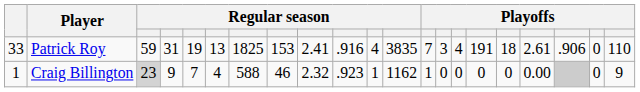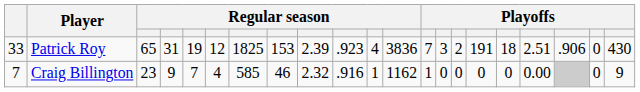 <table class="wikitable plainrowheaders" style="text-align:center;">
 <tr>
 <th scope="col" rowspan="2"></th>
 <th scope="col" rowspan="2">Player</th>
 <th scope=colgroup colspan=10>Regular season</th>
 <th scope=colgroup colspan=9>Playoffs</th>
 </tr>
 <tr>
 <th scope="col"></th>
 <th scope="col"></th>
 <th scope="col"></th>
 <th scope="col"></th>
 <th scope="col"></th>
 <th scope="col"></th>
 <th scope="col"></th>
 <th scope="col"></th>
 <th scope="col"></th>
 <th scope="col"></th>
 <th scope="col"></th>
 <th scope="col"></th>
 <th scope="col"></th>
 <th scope="col"></th>
 <th scope="col"></th>
 <th scope="col"></th>
 <th scope="col"></th>
 <th scope="col"></th>
 <th scope="col"></th>
 </tr>
 <tr>
 <td scope="row">33</td>
 <td align="left"><a href='#'>Patrick Roy</a></td>
-<td>59</td>
+<td>65</td>
 <td>31</td>
 <td>19</td>
-<td>13</td>
+<td>12</td>
 <td>1825</td>
 <td>153</td>
-<td>2.41</td>
-<td>.916</td>
+<td>2.39</td>
+<td>.923</td>
 <td>4</td>
-<td>3835</td>
+<td>3836</td>
 <td>7</td>
 <td>3</td>
-<td>4</td>
+<td>2</td>
 <td>191</td>
 <td>18</td>
-<td>2.61</td>
+<td>2.51</td>
 <td>.906</td>
 <td>0</td>
-<td>110</td>
+<td>430</td>
 </tr>
 <tr>
-<td scope="row">1</td>
+<td scope="row">7</td>
 <td align="left"><a href='#'>Craig Billington</a></td>
-<td style="background: lightgrey;">23</td>
+<td>23</td>
 <td>9</td>
 <td>7</td>
 <td>4</td>
-<td>588</td>
+<td>585</td>
 <td>46</td>
 <td>2.32</td>
-<td>.923</td>
+<td>.916</td>
 <td>1</td>
 <td>1162</td>
 <td>1</td>
 <td>0</td>
 <td>0</td>
 <td>0</td>
 <td>0</td>
 <td>0.00</td>
 <td style="background:#ccc"></td>
 <td>0</td>
 <td>9</td>
 </tr>
 </table>
